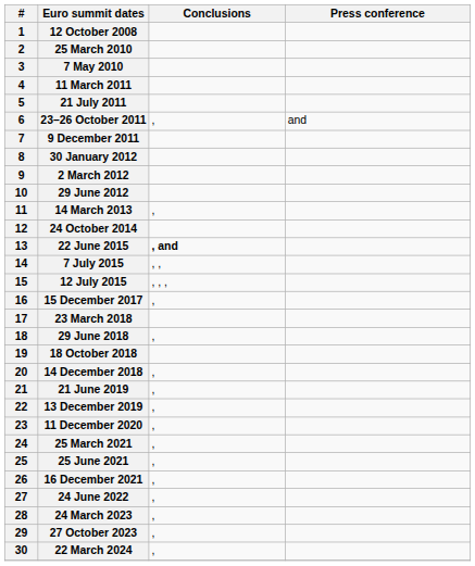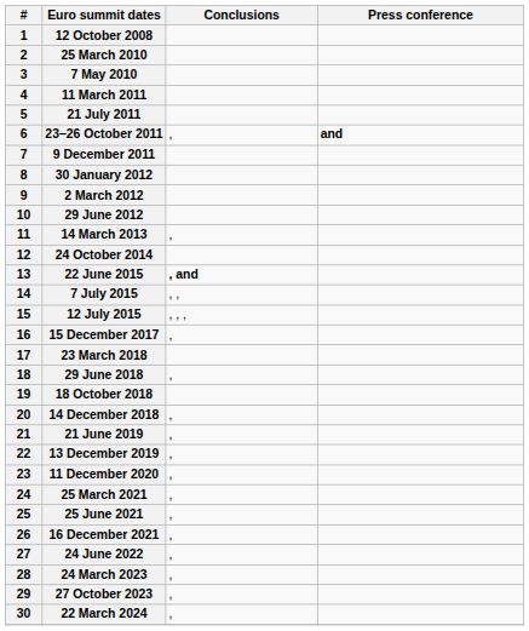 <table class=wikitable width=660px>
 <tr>
 <th>#</th>
 <th style="width:150px">Euro summit dates</th>
 <th>Conclusions</th>
 <th>Press conference</th>
 </tr>
 <tr>
 <th>1</th>
 <th>12 October 2008</th>
 <td></td>
 <td></td>
 </tr>
 <tr>
 <th>2</th>
 <th>25 March 2010</th>
 <td></td>
 <td></td>
 </tr>
 <tr>
 <th>3</th>
 <th>7 May 2010</th>
 <td></td>
 <td></td>
 </tr>
 <tr>
 <th>4</th>
 <th>11 March 2011</th>
 <td></td>
 <td></td>
 </tr>
 <tr>
 <th>5</th>
 <th>21 July 2011</th>
 <td></td>
 <td></td>
 </tr>
 <tr>
 <th>6</th>
 <th>23–26 October 2011</th>
 <td>,<br></td>
-<td>  and  </td>
+<td><strong>  and  </strong></td>
 </tr>
 <tr>
 <th>7</th>
 <th>9 December 2011</th>
 <td></td>
 <td></td>
 </tr>
 <tr>
 <th>8</th>
 <th>30 January 2012</th>
 <td></td>
 <td></td>
 </tr>
 <tr>
 <th>9</th>
 <th>2 March 2012</th>
 <td></td>
 <td></td>
 </tr>
 <tr>
 <th>10</th>
 <th>29 June 2012</th>
 <td></td>
 <td></td>
 </tr>
 <tr>
 <th>11</th>
 <th>14 March 2013</th>
 <td>,<br> </td>
 <td></td>
 </tr>
 <tr>
 <th>12</th>
 <th>24 October 2014</th>
 <td></td>
 <td></td>
 </tr>
 <tr>
 <th>13</th>
 <th>22 June 2015</th>
 <td><strong>,  and </strong></td>
 <td></td>
 </tr>
 <tr>
 <th>14</th>
 <th>7 July 2015</th>
 <td>, , </td>
 <td></td>
 </tr>
 <tr>
 <th>15</th>
 <th>12 July 2015</th>
 <td>, , , </td>
 <td></td>
 </tr>
 <tr>
 <th>16</th>
 <th>15 December 2017</th>
 <td>, </td>
 <td></td>
 </tr>
 <tr>
 <th>17</th>
 <th>23 March 2018</th>
 <td></td>
 <td></td>
 </tr>
 <tr>
 <th>18</th>
 <th>29 June 2018</th>
 <td>, </td>
 <td></td>
 </tr>
 <tr>
 <th>19</th>
 <th>18 October 2018</th>
 <td></td>
 <td></td>
 </tr>
 <tr>
 <th>20</th>
 <th>14 December 2018</th>
 <td>, </td>
 <td></td>
 </tr>
 <tr>
 <th>21</th>
 <th>21 June 2019</th>
 <td>, </td>
 <td></td>
 </tr>
 <tr>
 <th>22</th>
 <th>13 December 2019</th>
 <td>, </td>
 <td></td>
 </tr>
 <tr>
 <th>23</th>
 <th>11 December 2020</th>
 <td>, </td>
 <td></td>
 </tr>
 <tr>
 <th>24</th>
 <th>25 March 2021<br></th>
 <td>, </td>
 <td></td>
 </tr>
 <tr>
 <th>25</th>
 <th>25 June 2021</th>
 <td>, </td>
 <td></td>
 </tr>
 <tr>
 <th>26</th>
 <th>16 December 2021</th>
 <td>, </td>
 <td></td>
 </tr>
 <tr>
 <th>27</th>
 <th>24 June 2022</th>
 <td>, </td>
 <td></td>
 </tr>
 <tr>
 <th>28</th>
 <th>24 March 2023</th>
 <td>, </td>
 <td></td>
 </tr>
 <tr>
 <th>29</th>
 <th>27 October 2023</th>
 <td>, </td>
 <td></td>
 </tr>
 <tr>
 <th>30</th>
 <th>22 March 2024</th>
 <td>, </td>
 <td></td>
 </tr>
 <tr>
 </tr>
 </table>
